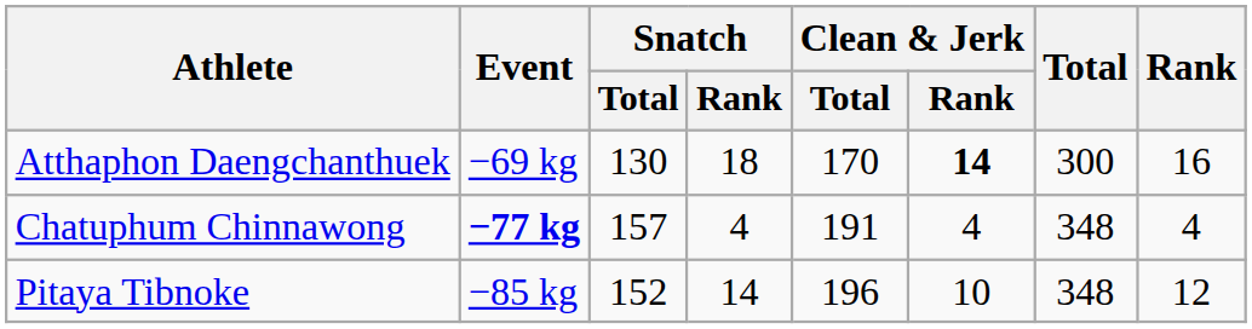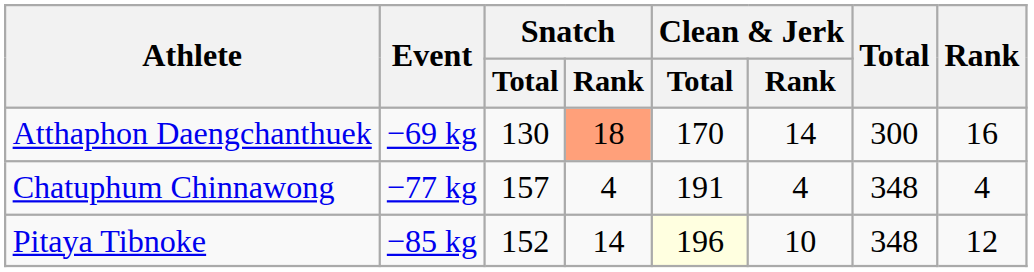 <table class="wikitable" style="font-size:90%">
 <tr>
 <th rowspan="2">Athlete</th>
 <th rowspan="2">Event</th>
 <th colspan="2">Snatch</th>
 <th colspan="2">Clean & Jerk</th>
 <th rowspan="2">Total</th>
 <th rowspan="2">Rank</th>
 </tr>
 <tr style="font-size:95%">
 <th>Total</th>
 <th>Rank</th>
 <th>Total</th>
 <th>Rank</th>
 </tr>
 <tr align=center>
 <td align=left><a href='#'>Atthaphon Daengchanthuek</a></td>
 <td align=left><a href='#'>−69 kg</a></td>
 <td>130</td>
-<td>18</td>
+<td style="background: lightsalmon;">18</td>
 <td>170</td>
-<td><strong>14</strong></td>
+<td>14</td>
 <td>300</td>
 <td>16</td>
 </tr>
 <tr align=center>
 <td align=left><a href='#'>Chatuphum Chinnawong</a></td>
-<td align=left><strong><a href='#'>−77 kg</a></strong></td>
+<td align=left><a href='#'>−77 kg</a></td>
 <td>157</td>
 <td>4</td>
 <td>191</td>
 <td>4</td>
 <td>348</td>
 <td>4</td>
 </tr>
 <tr align=center>
 <td align=left><a href='#'>Pitaya Tibnoke</a></td>
 <td align=left><a href='#'>−85 kg</a></td>
 <td>152</td>
 <td>14</td>
-<td>196</td>
+<td style="background: lightyellow;">196</td>
 <td>10</td>
 <td>348</td>
 <td>12</td>
 </tr>
 </table>
